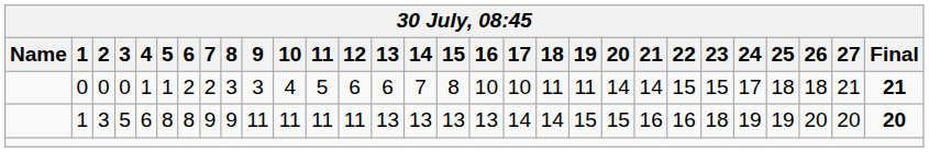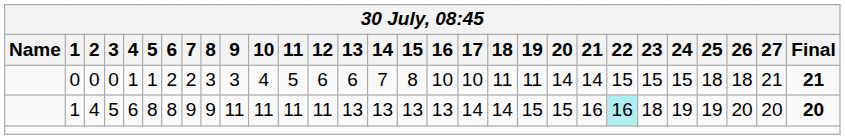 <table class=wikitable style="text-align:center; width: 55%">
 <tr>
 <th colspan=29><em>30 July, 08:45</em></th>
 </tr>
 <tr>
 <th>Name</th>
 <th>1</th>
 <th>2</th>
 <th>3</th>
 <th>4</th>
 <th>5</th>
 <th>6</th>
 <th>7</th>
 <th>8</th>
 <th>9</th>
 <th>10</th>
 <th>11</th>
 <th>12</th>
 <th>13</th>
 <th>14</th>
 <th>15</th>
 <th>16</th>
 <th>17</th>
 <th>18</th>
 <th>19</th>
 <th>20</th>
 <th>21</th>
 <th>22</th>
 <th>23</th>
 <th>24</th>
 <th>25</th>
 <th>26</th>
 <th>27</th>
 <th>Final</th>
 </tr>
 <tr>
 <td align=left><strong></strong></td>
 <td>0</td>
 <td>0</td>
 <td>0</td>
 <td>1</td>
 <td>1</td>
 <td>2</td>
 <td>2</td>
 <td>3</td>
 <td>3</td>
 <td>4</td>
 <td>5</td>
 <td>6</td>
 <td>6</td>
 <td>7</td>
 <td>8</td>
 <td>10</td>
 <td>10</td>
 <td>11</td>
 <td>11</td>
 <td>14</td>
 <td>14</td>
 <td>15</td>
 <td>15</td>
-<td>17</td>
+<td>15</td>
 <td>18</td>
 <td>18</td>
 <td>21</td>
 <td><strong>21</strong></td>
 </tr>
 <tr>
 <td align=left></td>
 <td>1</td>
-<td>3</td>
+<td>4</td>
 <td>5</td>
 <td>6</td>
 <td>8</td>
 <td>8</td>
 <td>9</td>
 <td>9</td>
 <td>11</td>
 <td>11</td>
 <td>11</td>
 <td>11</td>
 <td>13</td>
 <td>13</td>
 <td>13</td>
 <td>13</td>
 <td>14</td>
 <td>14</td>
 <td>15</td>
 <td>15</td>
 <td>16</td>
-<td>16</td>
+<td style="background: paleturquoise;">16</td>
 <td>18</td>
 <td>19</td>
 <td>19</td>
 <td>20</td>
 <td>20</td>
 <td><strong>20</strong></td>
 </tr>
 <tr>
 <td colspan=29></td>
 </tr>
 </table>
